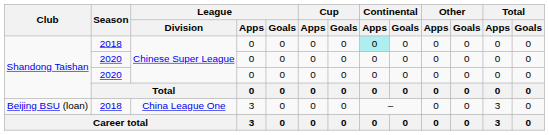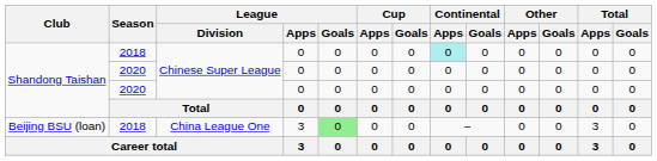 <table class="wikitable" style="text-align: center">
 <tr>
 <th rowspan="2">Club</th>
 <th rowspan="2">Season</th>
 <th colspan="3">League</th>
 <th colspan="2">Cup</th>
 <th colspan="2">Continental</th>
 <th colspan="2">Other</th>
 <th colspan="2">Total</th>
 </tr>
 <tr>
 <th>Division</th>
 <th>Apps</th>
 <th>Goals</th>
 <th>Apps</th>
 <th>Goals</th>
 <th>Apps</th>
 <th>Goals</th>
 <th>Apps</th>
 <th>Goals</th>
 <th>Apps</th>
 <th>Goals</th>
 </tr>
 <tr>
 <td rowspan="4"><a href='#'>Shandong Taishan</a></td>
 <td><a href='#'>2018</a></td>
 <td rowspan="3"><a href='#'>Chinese Super League</a></td>
 <td>0</td>
 <td>0</td>
 <td>0</td>
 <td>0</td>
 <td style="background: paleturquoise;">0</td>
 <td>0</td>
 <td>0</td>
 <td>0</td>
 <td>0</td>
 <td>0</td>
 </tr>
 <tr>
 <td><a href='#'>2020</a></td>
 <td>0</td>
 <td>0</td>
 <td>0</td>
 <td>0</td>
 <td>0</td>
 <td>0</td>
 <td>0</td>
 <td>0</td>
 <td>0</td>
 <td>0</td>
 </tr>
 <tr>
 <td><a href='#'>2020</a></td>
 <td>0</td>
 <td>0</td>
 <td>0</td>
 <td>0</td>
 <td>0</td>
 <td>0</td>
 <td>0</td>
 <td>0</td>
 <td>0</td>
 <td>0</td>
 </tr>
 <tr>
 <th colspan=2>Total</th>
 <th>0</th>
 <th>0</th>
 <th>0</th>
 <th>0</th>
 <th>0</th>
 <th>0</th>
 <th>0</th>
 <th>0</th>
 <th>0</th>
 <th>0</th>
 </tr>
 <tr>
 <td><a href='#'>Beijing BSU</a> (loan)</td>
 <td><a href='#'>2018</a></td>
 <td><a href='#'>China League One</a></td>
 <td>3</td>
-<td>0</td>
+<td style="background: lightgreen;">0</td>
 <td>0</td>
 <td>0</td>
 <td colspan="2">–</td>
 <td>0</td>
 <td>0</td>
 <td>3</td>
 <td>0</td>
 </tr>
 <tr>
 <th colspan=3>Career total</th>
 <th>3</th>
 <th>0</th>
 <th>0</th>
 <th>0</th>
 <th>0</th>
 <th>0</th>
 <th>0</th>
 <th>0</th>
 <th>3</th>
 <th>0</th>
 </tr>
 </table>
